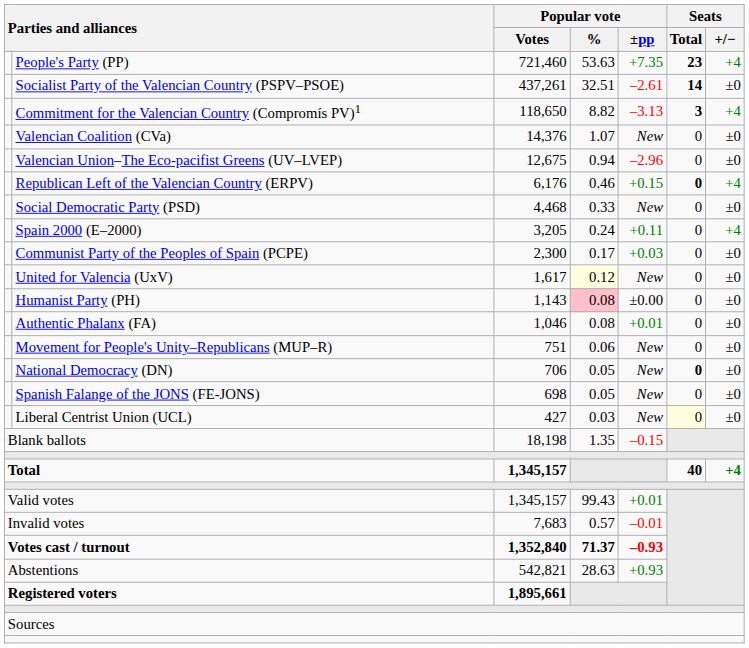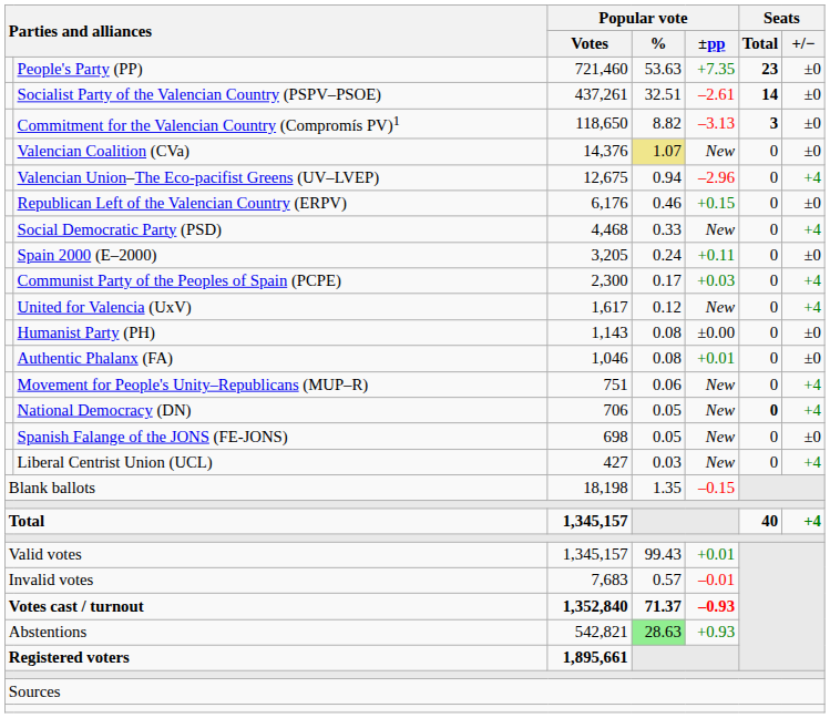 <table class="wikitable" style="text-align:right;">
 <tr>
 <th style="text-align:left;" rowspan="2" colspan="2" width="525">Parties and alliances</th>
 <th colspan="3">Popular vote</th>
 <th colspan="2">Seats</th>
 </tr>
 <tr>
 <th width="75">Votes</th>
 <th width="45">%</th>
 <th width="45">±<a href='#'>pp</a></th>
 <th width="35">Total</th>
 <th width="35">+/−</th>
 </tr>
 <tr>
 <td width="1" style="color:inherit;background:"></td>
 <td align="left"><a href='#'>People's Party</a> (PP)</td>
 <td>721,460</td>
 <td>53.63</td>
 <td style="color:green;">+7.35</td>
 <td><strong>23</strong></td>
-<td style="color:green;">+4</td>
+<td>±0</td>
 </tr>
 <tr>
 <td style="color:inherit;background:"></td>
 <td align="left"><a href='#'>Socialist Party of the Valencian Country</a> (PSPV–PSOE)</td>
 <td>437,261</td>
 <td>32.51</td>
 <td style="color:red;">–2.61</td>
 <td><strong>14</strong></td>
 <td>±0</td>
 </tr>
 <tr>
 <td style="color:inherit;background:"></td>
 <td align="left"><a href='#'>Commitment for the Valencian Country</a> (Compromís PV)<sup>1</sup></td>
 <td>118,650</td>
 <td>8.82</td>
 <td style="color:red;">–3.13</td>
 <td><strong>3</strong></td>
-<td style="color:green;">+4</td>
+<td>±0</td>
 </tr>
 <tr>
 <td style="color:inherit;background:"></td>
 <td align="left"><a href='#'>Valencian Coalition</a> (CVa)</td>
 <td>14,376</td>
-<td>1.07</td>
+<td style="background: khaki;">1.07</td>
 <td><em>New</em></td>
 <td>0</td>
 <td>±0</td>
 </tr>
 <tr>
 <td style="color:inherit;background:"></td>
 <td align="left"><a href='#'>Valencian Union</a>–<a href='#'>The Eco-pacifist Greens</a> (UV–LVEP)</td>
 <td>12,675</td>
 <td>0.94</td>
 <td style="color:red;">–2.96</td>
 <td>0</td>
-<td>±0</td>
+<td style="color:green;">+4</td>
 </tr>
 <tr>
 <td style="color:inherit;background:"></td>
 <td align="left"><a href='#'>Republican Left of the Valencian Country</a> (ERPV)</td>
 <td>6,176</td>
 <td>0.46</td>
 <td style="color:green;">+0.15</td>
-<td><strong>0</strong></td>
-<td style="color:green;">+4</td>
+<td>0</td>
+<td>±0</td>
 </tr>
 <tr>
 <td style="color:inherit;background:"></td>
 <td align="left"><a href='#'>Social Democratic Party</a> (PSD)</td>
 <td>4,468</td>
 <td>0.33</td>
 <td><em>New</em></td>
 <td>0</td>
-<td>±0</td>
+<td style="color:green;">+4</td>
 </tr>
 <tr>
 <td style="color:inherit;background:"></td>
 <td align="left"><a href='#'>Spain 2000</a> (E–2000)</td>
 <td>3,205</td>
 <td>0.24</td>
 <td style="color:green;">+0.11</td>
 <td>0</td>
-<td style="color:green;">+4</td>
+<td>±0</td>
 </tr>
 <tr>
 <td style="color:inherit;background:"></td>
 <td align="left"><a href='#'>Communist Party of the Peoples of Spain</a> (PCPE)</td>
 <td>2,300</td>
 <td>0.17</td>
 <td style="color:green;">+0.03</td>
 <td>0</td>
-<td>±0</td>
+<td style="color:green;">+4</td>
 </tr>
 <tr>
 <td style="color:inherit;background:"></td>
 <td align="left"><a href='#'>United for Valencia</a> (UxV)</td>
 <td>1,617</td>
-<td style="background: lightyellow;">0.12</td>
+<td>0.12</td>
 <td><em>New</em></td>
 <td>0</td>
-<td>±0</td>
+<td style="color:green;">+4</td>
 </tr>
 <tr>
 <td style="color:inherit;background:"></td>
 <td align="left"><a href='#'>Humanist Party</a> (PH)</td>
 <td>1,143</td>
-<td style="background: pink;">0.08</td>
+<td>0.08</td>
 <td>±0.00</td>
 <td>0</td>
 <td>±0</td>
 </tr>
 <tr>
 <td style="color:inherit;background:"></td>
 <td align="left"><a href='#'>Authentic Phalanx</a> (FA)</td>
 <td>1,046</td>
 <td>0.08</td>
 <td style="color:green;">+0.01</td>
 <td>0</td>
 <td>±0</td>
 </tr>
 <tr>
 <td style="color:inherit;background:"></td>
 <td align="left"><a href='#'>Movement for People's Unity–Republicans</a> (MUP–R)</td>
 <td>751</td>
 <td>0.06</td>
 <td><em>New</em></td>
 <td>0</td>
-<td>±0</td>
+<td style="color:green;">+4</td>
 </tr>
 <tr>
 <td style="color:inherit;background:"></td>
 <td align="left"><a href='#'>National Democracy</a> (DN)</td>
 <td>706</td>
 <td>0.05</td>
 <td><em>New</em></td>
 <td><strong>0</strong></td>
-<td>±0</td>
+<td style="color:green;">+4</td>
 </tr>
 <tr>
 <td style="color:inherit;background:"></td>
 <td align="left"><a href='#'>Spanish Falange of the JONS</a> (FE-JONS)</td>
 <td>698</td>
 <td>0.05</td>
 <td><em>New</em></td>
 <td>0</td>
 <td>±0</td>
 </tr>
 <tr>
 <td style="color:inherit;background:"></td>
 <td align="left">Liberal Centrist Union (UCL)</td>
 <td>427</td>
 <td>0.03</td>
 <td><em>New</em></td>
-<td style="background: lightyellow;">0</td>
-<td>±0</td>
+<td>0</td>
+<td style="color:green;">+4</td>
 </tr>
 <tr>
 <td align="left" colspan="2">Blank ballots</td>
 <td>18,198</td>
 <td>1.35</td>
 <td style="color:red;">–0.15</td>
 <td bgcolor="#E9E9E9" colspan="2"></td>
 </tr>
 <tr>
 <td colspan="7" bgcolor="#E9E9E9"></td>
 </tr>
 <tr style="font-weight:bold;">
 <td align="left" colspan="2">Total</td>
 <td>1,345,157</td>
 <td bgcolor="#E9E9E9" colspan="2"></td>
 <td>40</td>
 <td style="color:green;">+4</td>
 </tr>
 <tr>
 <td colspan="7" bgcolor="#E9E9E9"></td>
 </tr>
 <tr>
 <td align="left" colspan="2">Valid votes</td>
 <td>1,345,157</td>
 <td>99.43</td>
 <td style="color:green;">+0.01</td>
 <td bgcolor="#E9E9E9" colspan="2" rowspan="5"></td>
 </tr>
 <tr>
 <td align="left" colspan="2">Invalid votes</td>
 <td>7,683</td>
 <td>0.57</td>
 <td style="color:red;">–0.01</td>
 </tr>
 <tr style="font-weight:bold;">
 <td align="left" colspan="2">Votes cast / turnout</td>
 <td>1,352,840</td>
 <td>71.37</td>
 <td style="color:red;">–0.93</td>
 </tr>
 <tr>
 <td align="left" colspan="2">Abstentions</td>
 <td>542,821</td>
-<td>28.63</td>
+<td style="background: lightgreen;">28.63</td>
 <td style="color:green;">+0.93</td>
 </tr>
 <tr style="font-weight:bold;">
 <td align="left" colspan="2">Registered voters</td>
 <td>1,895,661</td>
 <td bgcolor="#E9E9E9" colspan="2"></td>
 </tr>
 <tr>
 <td colspan="7" bgcolor="#E9E9E9"></td>
 </tr>
 <tr>
 <td align="left" colspan="7">Sources</td>
 </tr>
 <tr>
 <td colspan="7" style="text-align:left; max-width:790px;"></td>
 </tr>
 </table>
